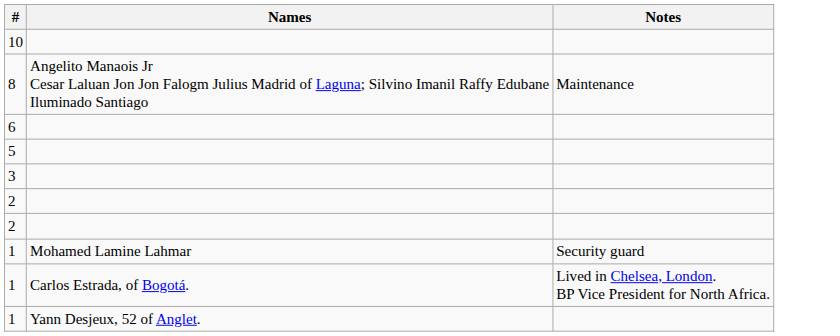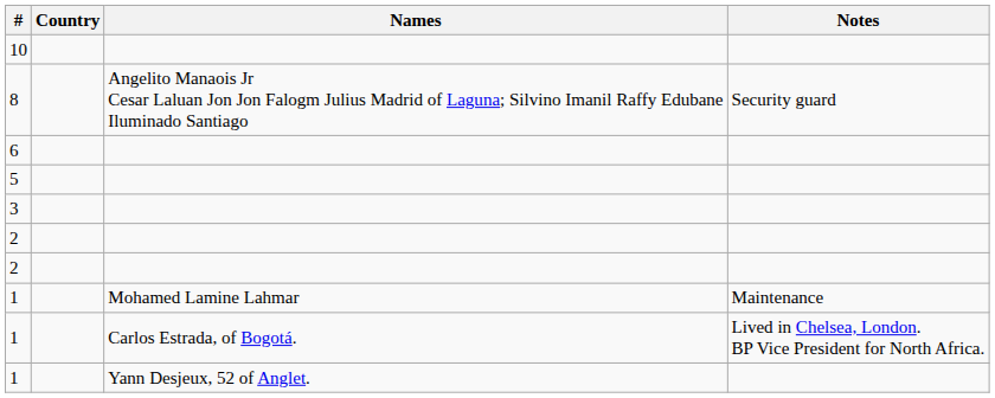 <table class="wikitable sortable" style="font-size: 95%">
 <tr>
 <th>#</th>
+<th>Country</th>
 <th>Names</th>
 <th>Notes</th>
 </tr>
 <tr>
 <td>10</td>
 <td></td>
 <td></td>
+<td></td>
 </tr>
 <tr>
 <td>8</td>
+<td></td>
 <td>Angelito Manaois Jr<br>Cesar Laluan Jon Jon Falogm Julius Madrid of <a href='#'>Laguna</a>; Silvino Imanil Raffy Edubane<br>Iluminado Santiago</td>
-<td>Maintenance</td>
+<td>Security guard</td>
 </tr>
 <tr>
 <td>6</td>
+<td></td>
 <td></td>
 <td></td>
 </tr>
 <tr>
 <td>5</td>
 <td></td>
 <td></td>
+<td></td>
 </tr>
 <tr>
 <td>3</td>
+<td></td>
 <td></td>
 <td></td>
 </tr>
 <tr>
 <td>2</td>
 <td></td>
 <td></td>
+<td></td>
 </tr>
 <tr>
 <td>2</td>
 <td></td>
 <td></td>
+<td></td>
 </tr>
 <tr>
 <td>1</td>
+<td></td>
 <td>Mohamed Lamine Lahmar</td>
-<td>Security guard</td>
+<td>Maintenance</td>
 </tr>
 <tr>
 <td>1</td>
+<td></td>
 <td>Carlos Estrada, of <a href='#'>Bogotá</a>.</td>
 <td>Lived in <a href='#'>Chelsea, London</a>.<br>BP Vice President for North Africa.</td>
 </tr>
 <tr>
 <td>1</td>
+<td></td>
 <td>Yann Desjeux, 52 of <a href='#'>Anglet</a>.</td>
 <td></td>
 </tr>
 </table>
